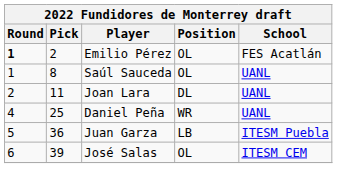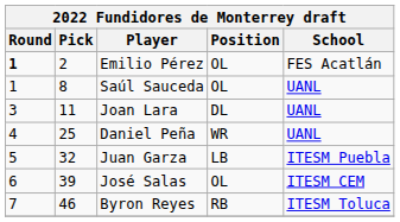 <table class="wikitable" style="text-align:left">
 <tr>
 <th colspan=5>2022 Fundidores de Monterrey draft</th>
 </tr>
 <tr>
 <th>Round</th>
 <th>Pick</th>
 <th>Player</th>
 <th>Position</th>
 <th>School</th>
 </tr>
 <tr>
 <td><strong>1</strong></td>
 <td>2</td>
 <td>Emilio Pérez</td>
 <td>OL</td>
 <td>FES Acatlán</td>
 </tr>
 <tr>
 <td>1</td>
 <td>8</td>
 <td>Saúl Sauceda</td>
 <td>OL</td>
 <td><a href='#'>UANL</a></td>
 </tr>
 <tr>
-<td>2</td>
+<td>3</td>
 <td>11</td>
 <td>Joan Lara</td>
 <td>DL</td>
 <td><a href='#'>UANL</a></td>
 </tr>
 <tr>
 <td>4</td>
 <td>25</td>
 <td>Daniel Peña</td>
 <td>WR</td>
 <td><a href='#'>UANL</a></td>
 </tr>
 <tr>
 <td>5</td>
-<td>36</td>
+<td>32</td>
 <td>Juan Garza</td>
 <td>LB</td>
 <td><a href='#'>ITESM Puebla</a></td>
 </tr>
 <tr>
 <td>6</td>
 <td>39</td>
 <td>José Salas</td>
 <td>OL</td>
 <td><a href='#'>ITESM CEM</a></td>
 </tr>
 <tr>
+<td>7</td>
+<td>46</td>
+<td>Byron Reyes</td>
+<td>RB</td>
+<td><a href='#'>ITESM Toluca</a></td>
+</tr>
+<tr>
 </tr>
 </table>
